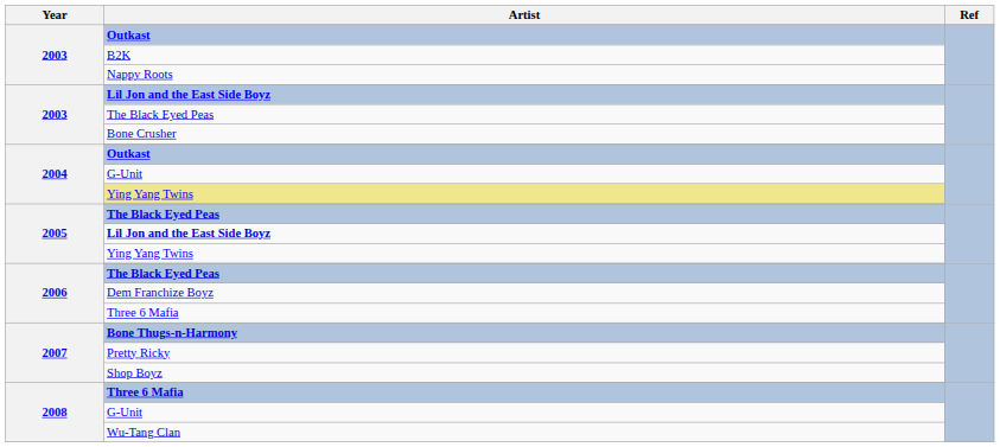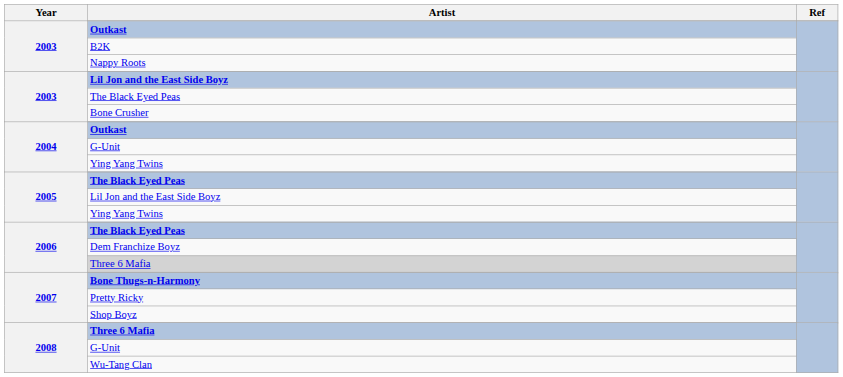 <table class="wikitable" width="100%">
 <tr>
 <th width="10%">Year</th>
 <th width="85%">Artist</th>
 <th width="5%">Ref</th>
 </tr>
 <tr>
 <th rowspan="4" align="center"><a href='#'>2003<br></a></th>
 </tr>
 <tr style="background:#B0C4DE">
 <td><strong><a href='#'>Outkast</a></strong></td>
 <td rowspan="4" align="center"></td>
 </tr>
 <tr>
 <td><a href='#'>B2K</a></td>
 </tr>
 <tr>
 <td><a href='#'>Nappy Roots</a></td>
 </tr>
 <tr>
 <th rowspan="4" align="center"><a href='#'>2003<br></a></th>
 </tr>
 <tr style="background:#B0C4DE">
 <td><strong><a href='#'>Lil Jon and the East Side Boyz</a></strong></td>
 <td rowspan="4" align="center"></td>
 </tr>
 <tr>
 <td><a href='#'>The Black Eyed Peas</a></td>
 </tr>
 <tr>
 <td><a href='#'>Bone Crusher</a></td>
 </tr>
 <tr>
 <th rowspan="4" align="center"><a href='#'>2004<br></a></th>
 </tr>
 <tr style="background:#B0C4DE">
 <td><strong><a href='#'>Outkast</a></strong></td>
 <td rowspan="4" align="center"></td>
 </tr>
 <tr>
 <td><a href='#'>G-Unit</a></td>
 </tr>
 <tr>
-<td style="background: khaki;"><a href='#'>Ying Yang Twins</a></td>
+<td><a href='#'>Ying Yang Twins</a></td>
 </tr>
 <tr>
 <th rowspan="4" align="center"><a href='#'>2005<br></a></th>
 </tr>
 <tr style="background:#B0C4DE">
 <td><strong><a href='#'>The Black Eyed Peas</a></strong></td>
 <td rowspan="4" align="center"></td>
 </tr>
 <tr>
-<td><strong><a href='#'>Lil Jon and the East Side Boyz</a></strong></td>
+<td><a href='#'>Lil Jon and the East Side Boyz</a></td>
 </tr>
 <tr>
 <td><a href='#'>Ying Yang Twins</a></td>
 </tr>
 <tr>
 <th rowspan="4" align="center"><a href='#'>2006<br></a></th>
 </tr>
 <tr style="background:#B0C4DE">
 <td><strong><a href='#'>The Black Eyed Peas</a></strong></td>
 <td rowspan="4" align="center"></td>
 </tr>
 <tr>
 <td><a href='#'>Dem Franchize Boyz</a></td>
 </tr>
 <tr>
-<td><a href='#'>Three 6 Mafia</a></td>
+<td style="background: lightgrey;"><a href='#'>Three 6 Mafia</a></td>
 </tr>
 <tr>
 <th rowspan="4" align="center"><a href='#'>2007<br></a></th>
 </tr>
 <tr style="background:#B0C4DE">
 <td><strong><a href='#'>Bone Thugs-n-Harmony</a></strong></td>
 <td rowspan="4" align="center"></td>
 </tr>
 <tr>
 <td><a href='#'>Pretty Ricky</a></td>
 </tr>
 <tr>
 <td><a href='#'>Shop Boyz</a></td>
 </tr>
 <tr>
 <th rowspan="4" align="center"><a href='#'>2008<br></a></th>
 </tr>
 <tr style="background:#B0C4DE">
 <td><strong><a href='#'>Three 6 Mafia</a></strong></td>
 <td rowspan="4" align="center"></td>
 </tr>
 <tr>
 <td><a href='#'>G-Unit</a></td>
 </tr>
 <tr>
 <td><a href='#'>Wu-Tang Clan</a></td>
 </tr>
 </table>
